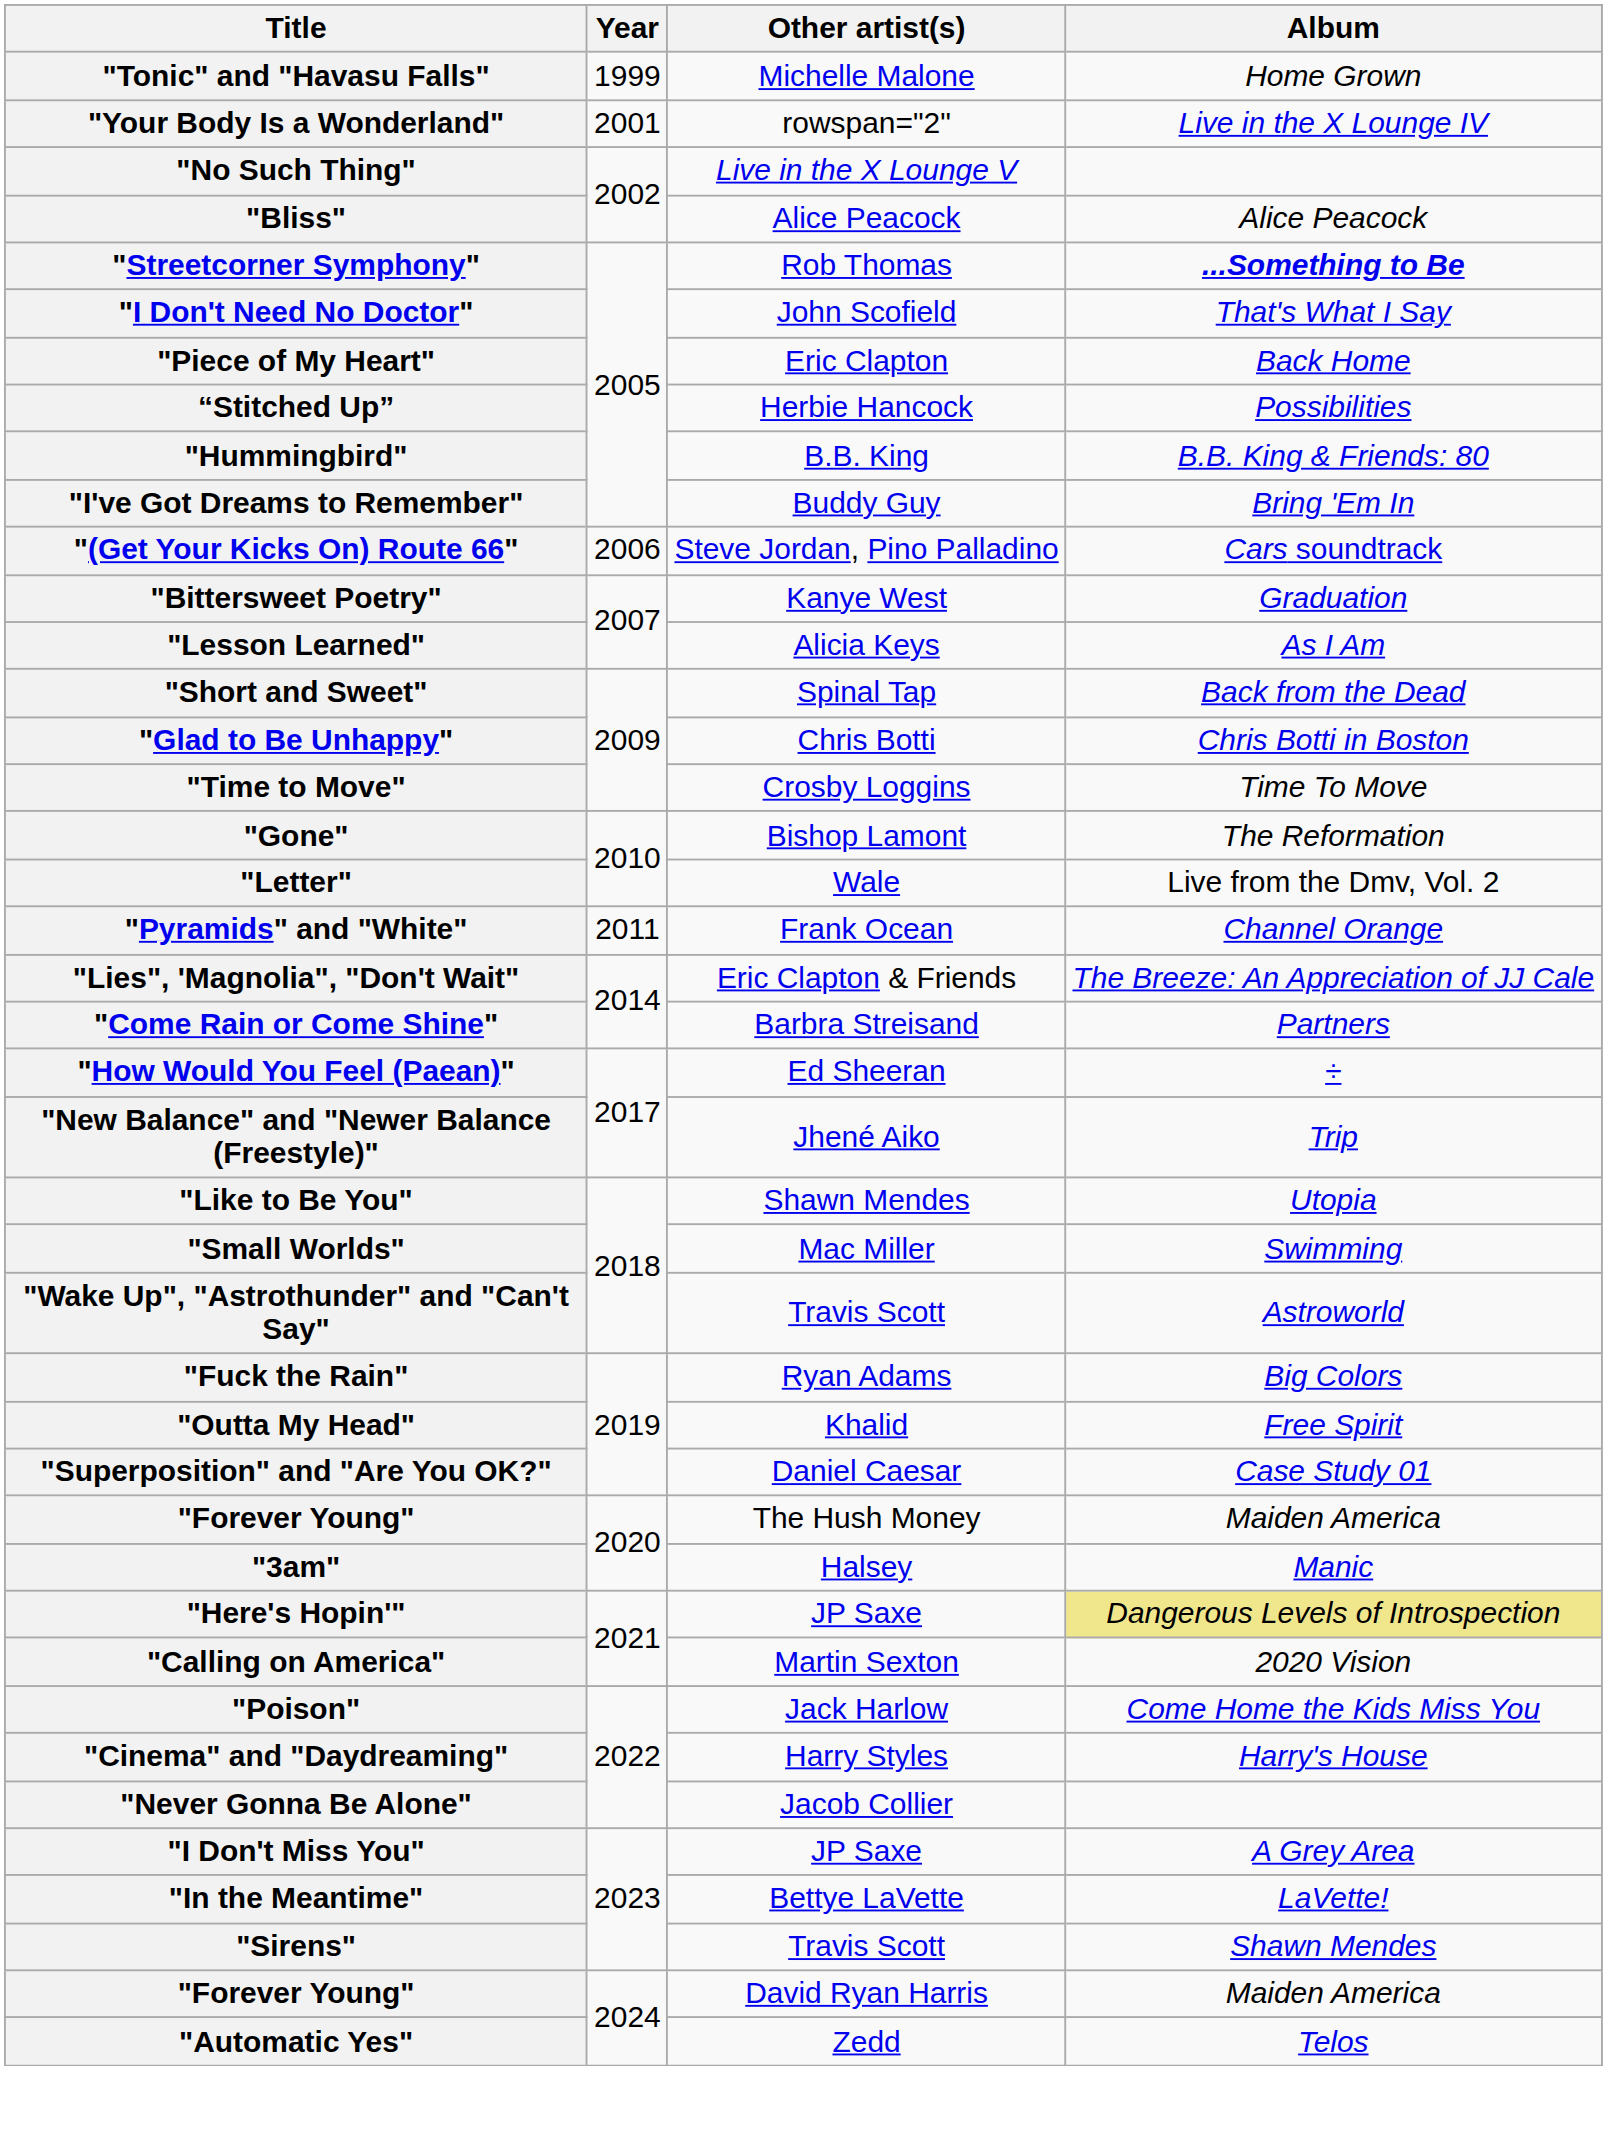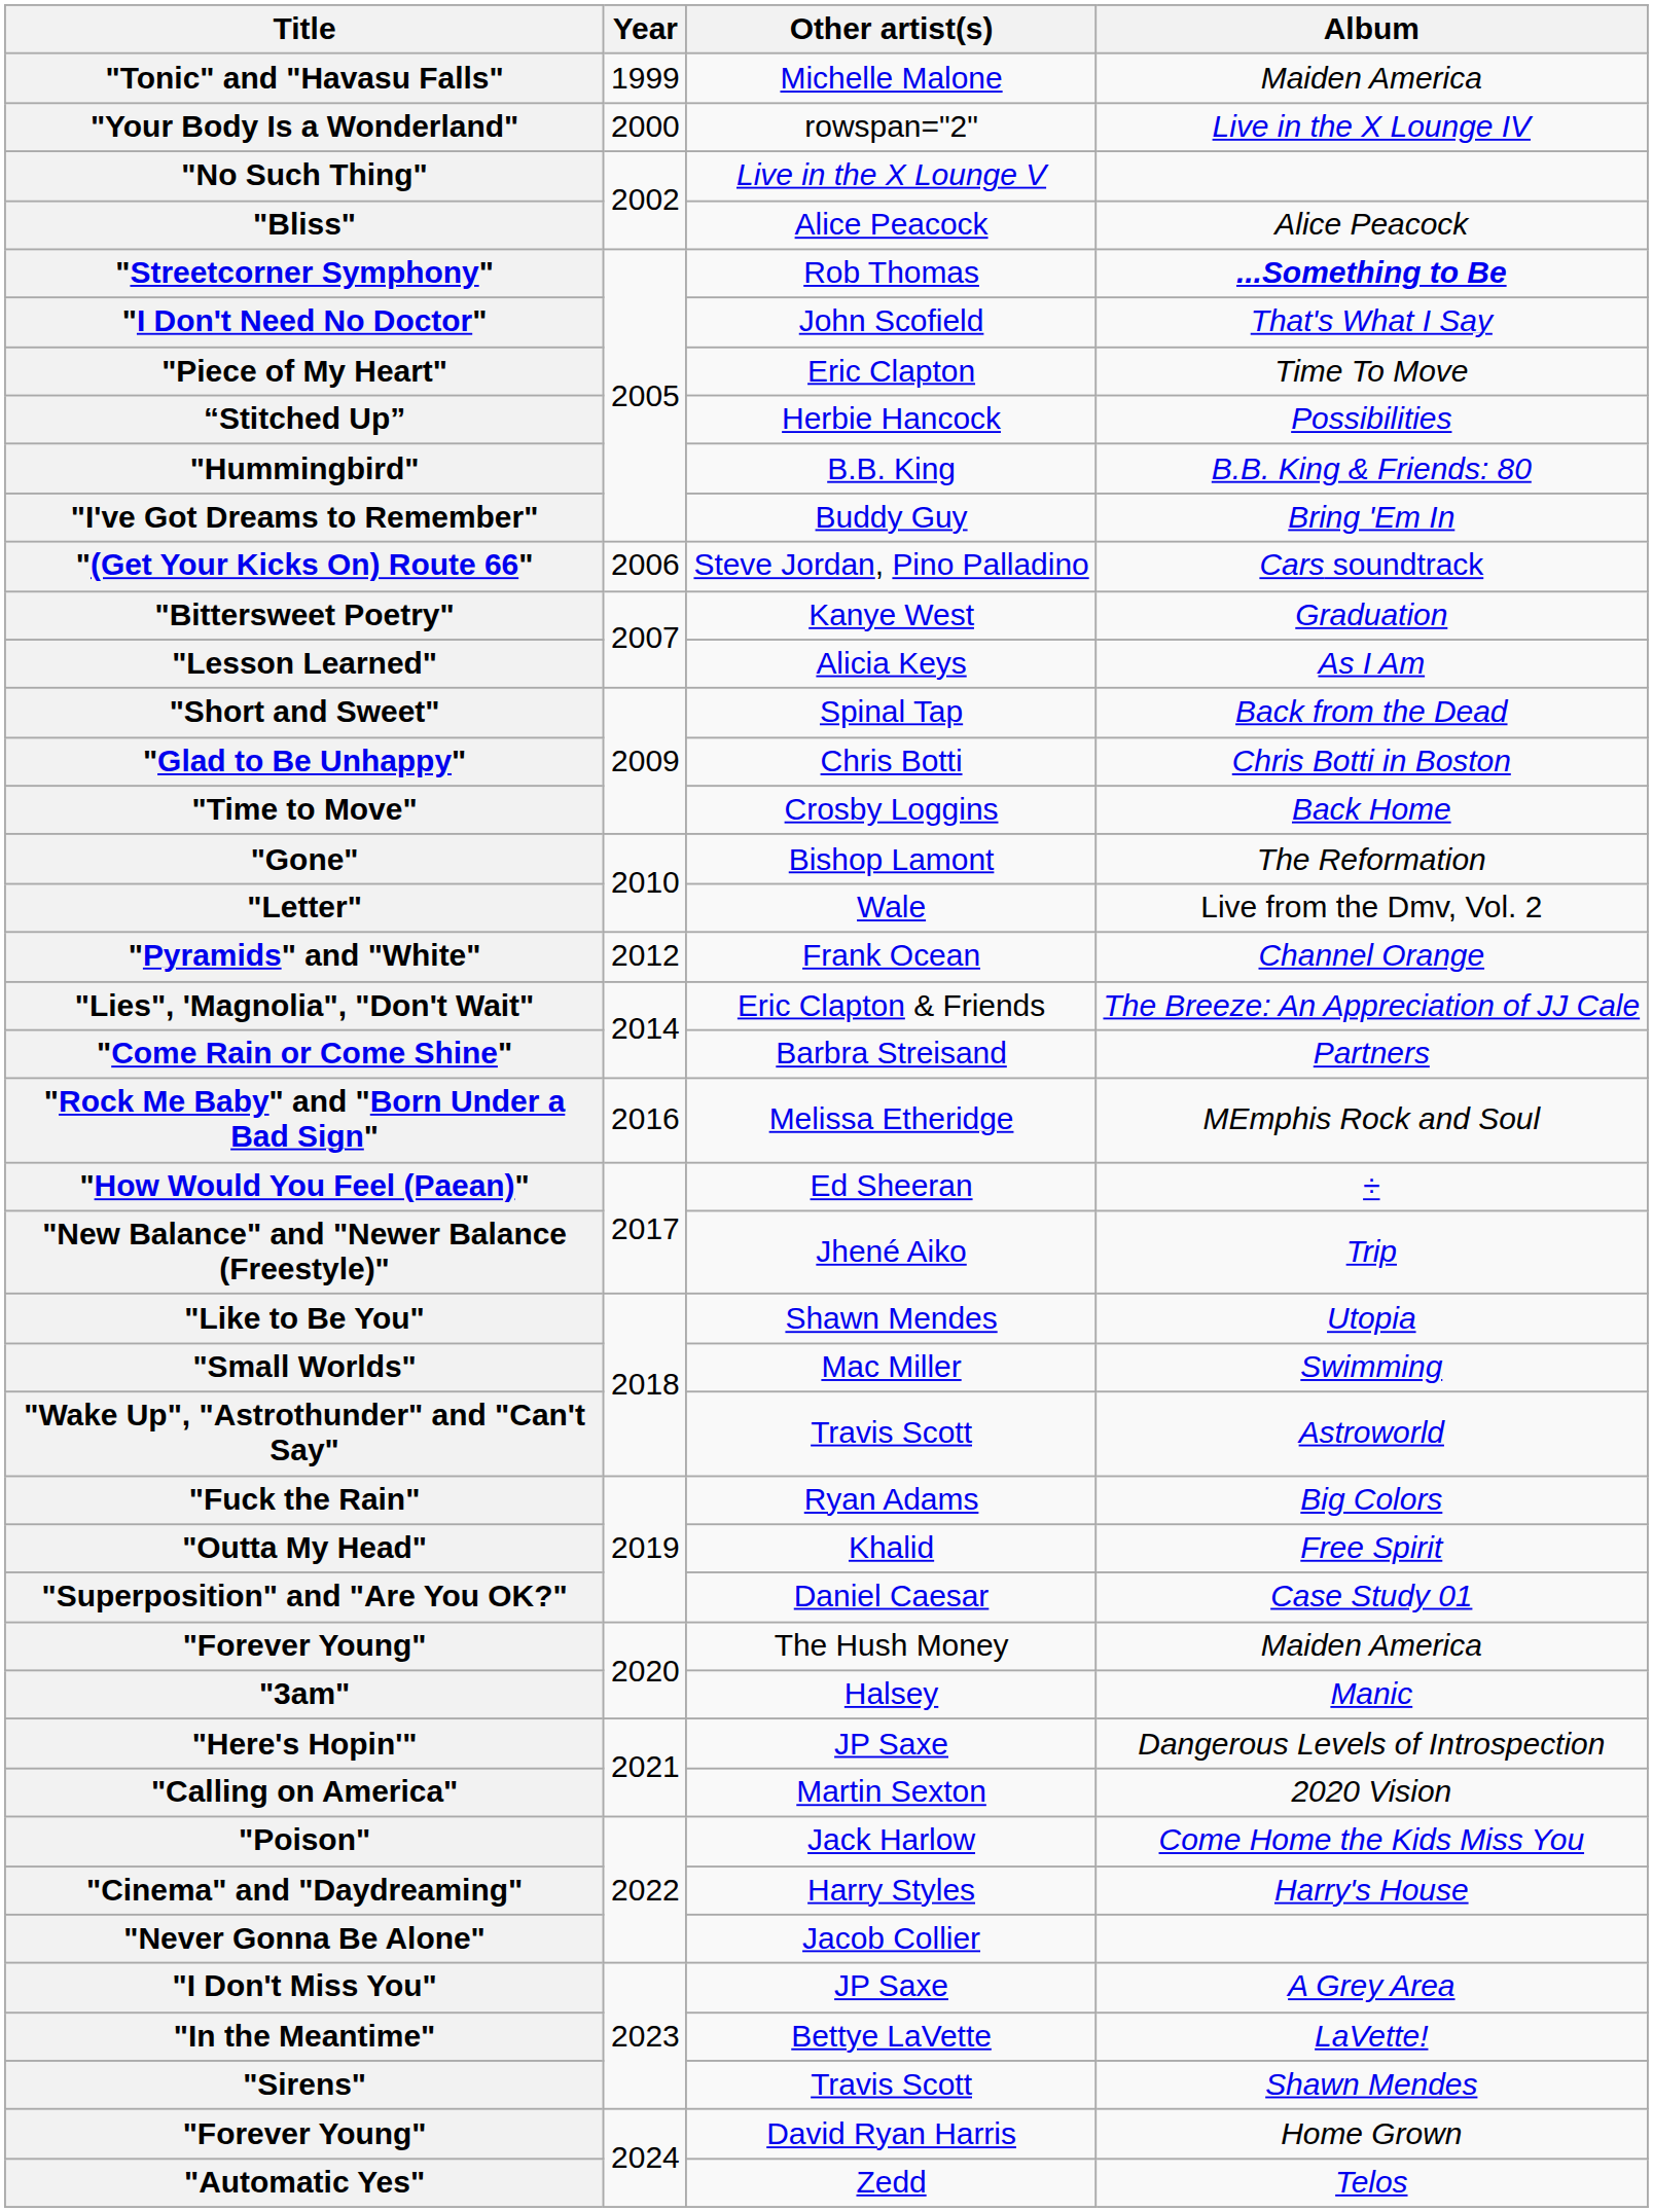 <table class="wikitable plainrowheaders" style="text-align:center;" border="1">
 <tr>
 <th scope="col" style="width:19em;">Title</th>
 <th scope="col">Year</th>
 <th scope="col">Other artist(s)</th>
 <th scope="col">Album</th>
 </tr>
 <tr>
 <th scope="row">"Tonic" and "Havasu Falls"</th>
 <td>1999</td>
 <td><a href='#'>Michelle Malone</a></td>
-<td><em>Home Grown</em></td>
+<td><em>Maiden America</em></td>
 </tr>
 <tr>
 <th scope="row">"Your Body Is a Wonderland"</th>
-<td>2001</td>
+<td>2000</td>
 <td>rowspan="2" </td>
 <td><em><a href='#'>Live in the X Lounge IV</a></em></td>
 </tr>
 <tr>
 <th scope="row">"No Such Thing"</th>
 <td rowspan="2">2002</td>
 <td><em><a href='#'>Live in the X Lounge V</a></em></td>
 </tr>
 <tr>
 <th scope="row">"Bliss"</th>
 <td><a href='#'>Alice Peacock</a></td>
 <td><em>Alice Peacock</em></td>
 </tr>
 <tr>
 <th scope="row">"<a href='#'>Streetcorner Symphony</a>"</th>
 <td rowspan="6">2005</td>
 <td><a href='#'>Rob Thomas</a></td>
 <td><strong><em><a href='#'>...Something to Be</a></em></strong></td>
 </tr>
 <tr>
 <th scope="row">"<a href='#'>I Don't Need No Doctor</a>"</th>
 <td><a href='#'>John Scofield</a></td>
 <td><em><a href='#'>That's What I Say</a></em></td>
 </tr>
 <tr>
 <th scope="row">"Piece of My Heart"</th>
 <td><a href='#'>Eric Clapton</a></td>
-<td><em><a href='#'>Back Home</a></em></td>
+<td><em>Time To Move</em></td>
 </tr>
 <tr>
 <th scope="row">“Stitched Up”</th>
 <td><a href='#'>Herbie Hancock</a></td>
 <td><em><a href='#'>Possibilities</a></em></td>
 </tr>
 <tr>
 <th scope="row">"Hummingbird"</th>
 <td><a href='#'>B.B. King</a></td>
 <td><em><a href='#'>B.B. King & Friends: 80</a></em></td>
 </tr>
 <tr>
 <th scope="row">"I've Got Dreams to Remember"</th>
 <td><a href='#'>Buddy Guy</a></td>
 <td><em><a href='#'>Bring 'Em In</a></em></td>
 </tr>
 <tr>
 <th scope="row">"<a href='#'>(Get Your Kicks On) Route 66</a>"</th>
 <td>2006</td>
 <td><a href='#'>Steve Jordan</a>, <a href='#'>Pino Palladino</a></td>
 <td><a href='#'><em>Cars</em> soundtrack</a></td>
 </tr>
 <tr>
 <th scope="row">"Bittersweet Poetry"</th>
 <td rowspan="2">2007</td>
 <td><a href='#'>Kanye West</a></td>
 <td><em><a href='#'>Graduation</a></em></td>
 </tr>
 <tr>
 <th scope="row">"Lesson Learned"</th>
 <td><a href='#'>Alicia Keys</a></td>
 <td><em><a href='#'>As I Am</a></em></td>
 </tr>
 <tr>
 <th scope="row">"Short and Sweet"</th>
 <td rowspan="3">2009</td>
 <td><a href='#'>Spinal Tap</a></td>
 <td><em><a href='#'>Back from the Dead</a></em></td>
 </tr>
 <tr>
 <th scope="row">"<a href='#'>Glad to Be Unhappy</a>"</th>
 <td><a href='#'>Chris Botti</a></td>
 <td><em><a href='#'>Chris Botti in Boston</a></em></td>
 </tr>
 <tr>
 <th scope="row">"Time to Move"</th>
 <td><a href='#'>Crosby Loggins</a></td>
-<td><em>Time To Move</em></td>
+<td><em><a href='#'>Back Home</a></em></td>
 </tr>
 <tr>
 <th scope="row">"Gone"</th>
 <td rowspan="2">2010</td>
 <td><a href='#'>Bishop Lamont</a></td>
 <td><em>The Reformation</em></td>
 </tr>
 <tr>
 <th scope="row">"Letter"</th>
 <td><a href='#'>Wale</a></td>
 <td>Live from the Dmv, Vol. 2</td>
 </tr>
 <tr>
 <th scope="row">"<a href='#'>Pyramids</a>" and "White"</th>
-<td>2011</td>
+<td>2012</td>
 <td><a href='#'>Frank Ocean</a></td>
 <td><em><a href='#'>Channel Orange</a></em></td>
 </tr>
 <tr>
 <th scope="row">"Lies", 'Magnolia", "Don't Wait"</th>
 <td rowspan="2">2014</td>
 <td><a href='#'>Eric Clapton</a> & Friends</td>
 <td><em><a href='#'>The Breeze: An Appreciation of JJ Cale</a></em></td>
 </tr>
 <tr>
 <th scope="row">"<a href='#'>Come Rain or Come Shine</a>"</th>
 <td><a href='#'>Barbra Streisand</a></td>
 <td><em><a href='#'>Partners</a></em></td>
+</tr>
+<tr>
+<th scope="row">"<a href='#'>Rock Me Baby</a>" and "<a href='#'>Born Under a Bad Sign</a>"</th>
+<td>2016</td>
+<td><a href='#'>Melissa Etheridge</a></td>
+<td><em>MEmphis Rock and Soul</em></td>
 </tr>
 <tr>
 <th scope="row">"<a href='#'>How Would You Feel (Paean)</a>"</th>
 <td rowspan="2">2017</td>
 <td><a href='#'>Ed Sheeran</a></td>
 <td><em><a href='#'>÷</a></em></td>
 </tr>
 <tr>
 <th scope="row">"New Balance" and "Newer Balance (Freestyle)"</th>
 <td><a href='#'>Jhené Aiko</a></td>
 <td><em><a href='#'>Trip</a></em></td>
 </tr>
 <tr>
 <th scope="row">"Like to Be You"</th>
 <td rowspan="3">2018</td>
 <td><a href='#'>Shawn Mendes</a></td>
 <td><em><a href='#'>Utopia</a></em></td>
 </tr>
 <tr>
 <th scope="row">"Small Worlds"</th>
 <td><a href='#'>Mac Miller</a></td>
 <td><em><a href='#'>Swimming</a></em></td>
 </tr>
 <tr>
 <th scope="row">"Wake Up", "Astrothunder" and "Can't Say"</th>
 <td><a href='#'>Travis Scott</a></td>
 <td><em><a href='#'>Astroworld</a></em></td>
 </tr>
 <tr>
 <th scope="row">"Fuck the Rain"</th>
 <td rowspan="3">2019</td>
 <td><a href='#'>Ryan Adams</a></td>
 <td><em><a href='#'>Big Colors</a></em></td>
 </tr>
 <tr>
 <th scope="row">"Outta My Head"</th>
 <td><a href='#'>Khalid</a></td>
 <td><em><a href='#'>Free Spirit</a></em></td>
 </tr>
 <tr>
 <th scope="row">"Superposition" and "Are You OK?"</th>
 <td><a href='#'>Daniel Caesar</a></td>
 <td><em><a href='#'>Case Study 01</a></em></td>
 </tr>
 <tr>
 <th scope="row">"Forever Young"</th>
 <td rowspan="2">2020</td>
 <td>The Hush Money</td>
 <td><em>Maiden America</em></td>
 </tr>
 <tr>
 <th scope="row">"3am"</th>
 <td><a href='#'>Halsey</a></td>
 <td><em><a href='#'>Manic</a></em></td>
 </tr>
 <tr>
 <th scope="row">"Here's Hopin'"</th>
 <td rowspan="2">2021</td>
 <td><a href='#'>JP Saxe</a></td>
-<td style="background: khaki;"><em>Dangerous Levels of Introspection</em></td>
+<td><em>Dangerous Levels of Introspection</em></td>
 </tr>
 <tr>
 <th scope="row">"Calling on America"</th>
 <td><a href='#'>Martin Sexton</a></td>
 <td><em>2020 Vision</em></td>
 </tr>
 <tr>
 <th scope="row">"Poison"</th>
 <td rowspan="3">2022</td>
 <td><a href='#'>Jack Harlow</a></td>
 <td><em><a href='#'>Come Home the Kids Miss You</a></em></td>
 </tr>
 <tr>
 <th scope="row">"Cinema" and "Daydreaming"</th>
 <td><a href='#'>Harry Styles</a></td>
 <td><em><a href='#'>Harry's House</a></em></td>
 </tr>
 <tr>
 <th scope="row">"Never Gonna Be Alone"</th>
 <td><a href='#'>Jacob Collier</a></td>
 <td></td>
 </tr>
 <tr>
 <th scope="row">"I Don't Miss You"</th>
 <td rowspan="3">2023</td>
 <td><a href='#'>JP Saxe</a></td>
 <td><em><a href='#'>A Grey Area</a></em></td>
 </tr>
 <tr>
 <th scope="row">"In the Meantime"</th>
 <td><a href='#'>Bettye LaVette</a></td>
 <td><em><a href='#'>LaVette!</a></em></td>
 </tr>
 <tr>
 <th scope="row">"Sirens"</th>
 <td><a href='#'>Travis Scott</a></td>
 <td><em><a href='#'>Shawn Mendes</a></em></td>
 </tr>
 <tr>
 <th scope="row">"Forever Young"</th>
 <td rowspan="3">2024</td>
 <td><a href='#'>David Ryan Harris</a></td>
-<td><em>Maiden America</em></td>
+<td><em>Home Grown</em></td>
 </tr>
 <tr>
 <th scope="row">"Automatic Yes"</th>
 <td><a href='#'>Zedd</a></td>
 <td><em><a href='#'>Telos</a></em></td>
 </tr>
 </table>
